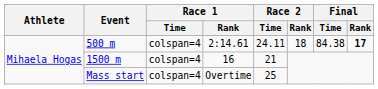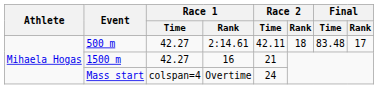 <table class="wikitable" style="font-size:90%">
 <tr>
 <th rowspan=2>Athlete</th>
 <th rowspan=2>Event</th>
 <th colspan=2>Race 1</th>
 <th colspan=2>Race 2</th>
 <th colspan=2>Final</th>
 </tr>
 <tr style="font-size:95%">
 <th>Time</th>
 <th>Rank</th>
 <th>Time</th>
 <th>Rank</th>
 <th>Time</th>
 <th>Rank</th>
 </tr>
 <tr align=center>
 <td align=left rowspan=3><a href='#'>Mihaela Hogas</a></td>
 <td align=left><a href='#'>500 m</a></td>
-<td>colspan=4 </td>
+<td>42.27</td>
 <td>2:14.61</td>
-<td>24.11</td>
+<td>42.11</td>
 <td>18</td>
-<td>84.38</td>
-<td><strong>17</strong></td>
+<td>83.48</td>
+<td>17</td>
 </tr>
 <tr align=center>
 <td align=left><a href='#'>1500 m</a></td>
-<td>colspan=4 </td>
+<td>42.27</td>
 <td>16</td>
 <td>21</td>
 </tr>
 <tr align=center>
 <td align=left><a href='#'>Mass start</a></td>
 <td>colspan=4 </td>
 <td>Overtime</td>
-<td>25</td>
+<td>24</td>
 </tr>
 </table>
